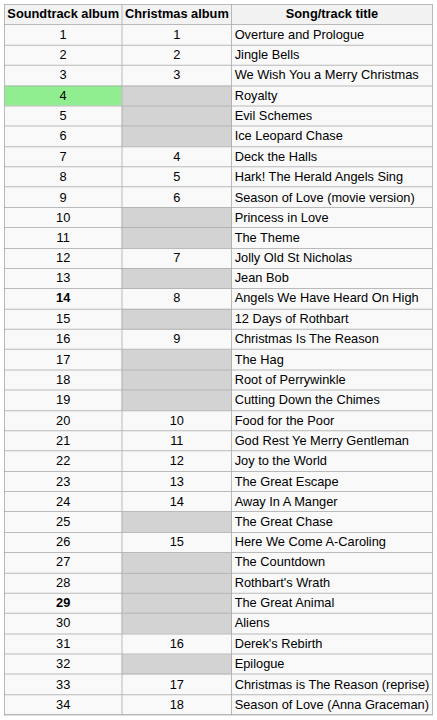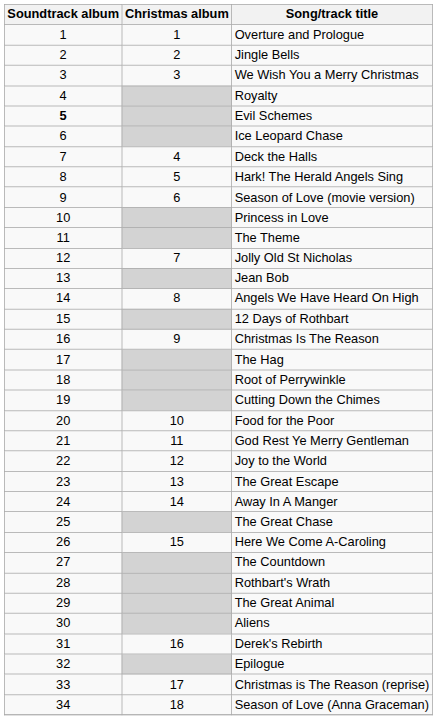 <table class="wikitable">
 <tr>
 <th style="text-align:center;"><strong>Soundtrack album</strong></th>
 <th style="text-align:center;"><strong>Christmas album</strong></th>
 <th style="text-align:center;"><strong>Song/track title</strong></th>
 </tr>
 <tr>
 <td style="text-align:center;">1</td>
 <td style="text-align:center;">1</td>
 <td>Overture and Prologue</td>
 </tr>
 <tr>
 <td style="text-align:center;">2</td>
 <td style="text-align:center;">2</td>
 <td>Jingle Bells</td>
 </tr>
 <tr>
 <td style="text-align:center;">3</td>
 <td style="text-align:center;">3</td>
 <td>We Wish You a Merry Christmas</td>
 </tr>
 <tr>
-<td style="background: lightgreen; text-align:center;">4</td>
+<td style="text-align:center;">4</td>
 <td style="background:lightgrey;"></td>
 <td>Royalty</td>
 </tr>
 <tr>
-<td style="text-align:center;">5</td>
+<td style="text-align:center;"><strong>5</strong></td>
 <td style="background:lightgrey;"></td>
 <td>Evil Schemes</td>
 </tr>
 <tr>
 <td style="text-align:center;">6</td>
 <td style="background:lightgrey;"></td>
 <td>Ice Leopard Chase</td>
 </tr>
 <tr>
 <td style="text-align:center;">7</td>
 <td style="text-align:center;">4</td>
 <td>Deck the Halls</td>
 </tr>
 <tr>
 <td style="text-align:center;">8</td>
 <td style="text-align:center;">5</td>
 <td>Hark! The Herald Angels Sing</td>
 </tr>
 <tr>
 <td style="text-align:center;">9</td>
 <td style="text-align:center;">6</td>
 <td>Season of Love (movie version)</td>
 </tr>
 <tr>
 <td style="text-align:center;">10</td>
 <td style="background:lightgrey;"></td>
 <td>Princess in Love</td>
 </tr>
 <tr>
 <td style="text-align:center;">11</td>
 <td style="background:lightgrey;"></td>
 <td>The Theme</td>
 </tr>
 <tr>
 <td style="text-align:center;">12</td>
 <td style="text-align:center;">7</td>
 <td>Jolly Old St Nicholas</td>
 </tr>
 <tr>
 <td style="text-align:center;">13</td>
 <td style="background:lightgrey;"></td>
 <td>Jean Bob</td>
 </tr>
 <tr>
-<td style="text-align:center;"><strong>14</strong></td>
+<td style="text-align:center;">14</td>
 <td style="text-align:center;">8</td>
 <td>Angels We Have Heard On High</td>
 </tr>
 <tr>
 <td style="text-align:center;">15</td>
 <td style="background:lightgrey;"></td>
 <td>12 Days of Rothbart</td>
 </tr>
 <tr>
 <td style="text-align:center;">16</td>
 <td style="text-align:center;">9</td>
 <td>Christmas Is The Reason</td>
 </tr>
 <tr>
 <td style="text-align:center;">17</td>
 <td style="background:lightgrey;"></td>
 <td>The Hag</td>
 </tr>
 <tr>
 <td style="text-align:center;">18</td>
 <td style="background:lightgrey;"></td>
 <td>Root of Perrywinkle</td>
 </tr>
 <tr>
 <td style="text-align:center;">19</td>
 <td style="background:lightgrey;"></td>
 <td>Cutting Down the Chimes</td>
 </tr>
 <tr>
 <td style="text-align:center;">20</td>
 <td style="text-align:center;">10</td>
 <td>Food for the Poor</td>
 </tr>
 <tr>
 <td style="text-align:center;">21</td>
 <td style="text-align:center;">11</td>
 <td>God Rest Ye Merry Gentleman</td>
 </tr>
 <tr>
 <td style="text-align:center;">22</td>
 <td style="text-align:center;">12</td>
 <td>Joy to the World</td>
 </tr>
 <tr>
 <td style="text-align:center;">23</td>
 <td style="text-align:center;">13</td>
 <td>The Great Escape</td>
 </tr>
 <tr>
 <td style="text-align:center;">24</td>
 <td style="text-align:center;">14</td>
 <td>Away In A Manger</td>
 </tr>
 <tr>
 <td style="text-align:center;">25</td>
 <td style="background:lightgrey;"></td>
 <td>The Great Chase</td>
 </tr>
 <tr>
 <td style="text-align:center;">26</td>
 <td style="text-align:center;">15</td>
 <td>Here We Come A-Caroling</td>
 </tr>
 <tr>
 <td style="text-align:center;">27</td>
 <td style="background:lightgrey;"></td>
 <td>The Countdown</td>
 </tr>
 <tr>
 <td style="text-align:center;">28</td>
 <td style="background:lightgrey;"></td>
 <td>Rothbart's Wrath</td>
 </tr>
 <tr>
-<td style="text-align:center;"><strong>29</strong></td>
+<td style="text-align:center;">29</td>
 <td style="background:lightgrey;"></td>
 <td>The Great Animal</td>
 </tr>
 <tr>
 <td style="text-align:center;">30</td>
 <td style="background:lightgrey;"></td>
 <td>Aliens</td>
 </tr>
 <tr>
 <td style="text-align:center;">31</td>
 <td style="text-align:center;">16</td>
 <td>Derek's Rebirth</td>
 </tr>
 <tr>
 <td style="text-align:center;">32</td>
 <td style="background:lightgrey;"></td>
 <td>Epilogue</td>
 </tr>
 <tr>
 <td style="text-align:center;">33</td>
 <td style="text-align:center;">17</td>
 <td>Christmas is The Reason (reprise)</td>
 </tr>
 <tr>
 <td style="text-align:center;">34</td>
 <td style="text-align:center;">18</td>
 <td>Season of Love (Anna Graceman)</td>
 </tr>
 <tr>
 </tr>
 </table>
